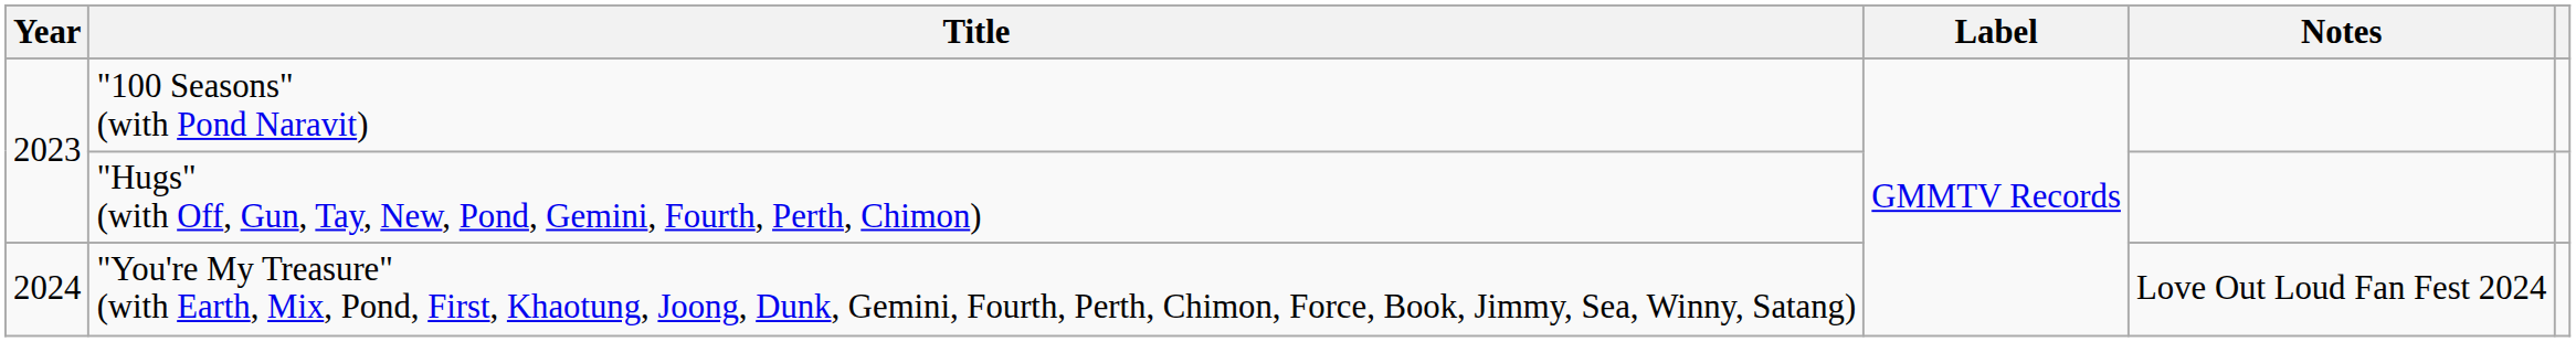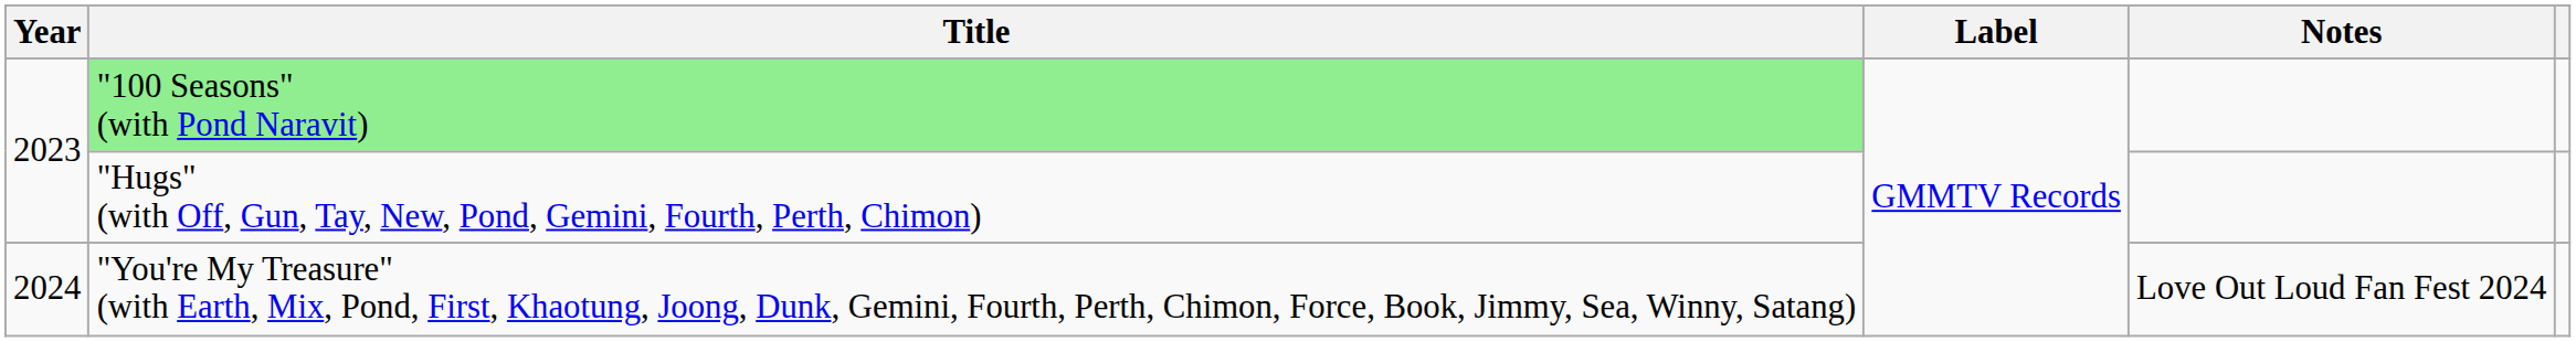 <table class="wikitable sortable plainrowheaders">
 <tr>
 <th scope="col">Year</th>
 <th scope="col">Title</th>
 <th scope="col">Label</th>
 <th scope="col" class="unsortable">Notes</th>
 <th scope="col" class="unsortable"></th>
 </tr>
 <tr>
 <td rowspan="2">2023</td>
-<td>"100 Seasons"<br><span>(with <a href='#'>Pond Naravit</a>)</span></td>
+<td style="background: lightgreen;">"100 Seasons"<br><span>(with <a href='#'>Pond Naravit</a>)</span></td>
 <td rowspan="3"><a href='#'>GMMTV Records</a></td>
 <td></td>
 <td></td>
 </tr>
 <tr>
 <td>"Hugs"<br><span>(with <a href='#'>Off</a>, <a href='#'>Gun</a>, <a href='#'>Tay</a>, <a href='#'>New</a>, <a href='#'>Pond</a>, <a href='#'>Gemini</a>, <a href='#'>Fourth</a>, <a href='#'>Perth</a>, <a href='#'>Chimon</a>)</span></td>
 <td></td>
 <td></td>
 </tr>
 <tr>
 <td>2024</td>
 <td>"You're My Treasure"<br><span>(with <a href='#'>Earth</a>, <a href='#'>Mix</a>, Pond, <a href='#'>First</a>, <a href='#'>Khaotung</a>, <a href='#'>Joong</a>, <a href='#'>Dunk</a>, Gemini, Fourth, Perth, Chimon, Force, Book, Jimmy, Sea, Winny, Satang)</span></td>
 <td>Love Out Loud Fan Fest 2024</td>
 <td></td>
 </tr>
 </table>
